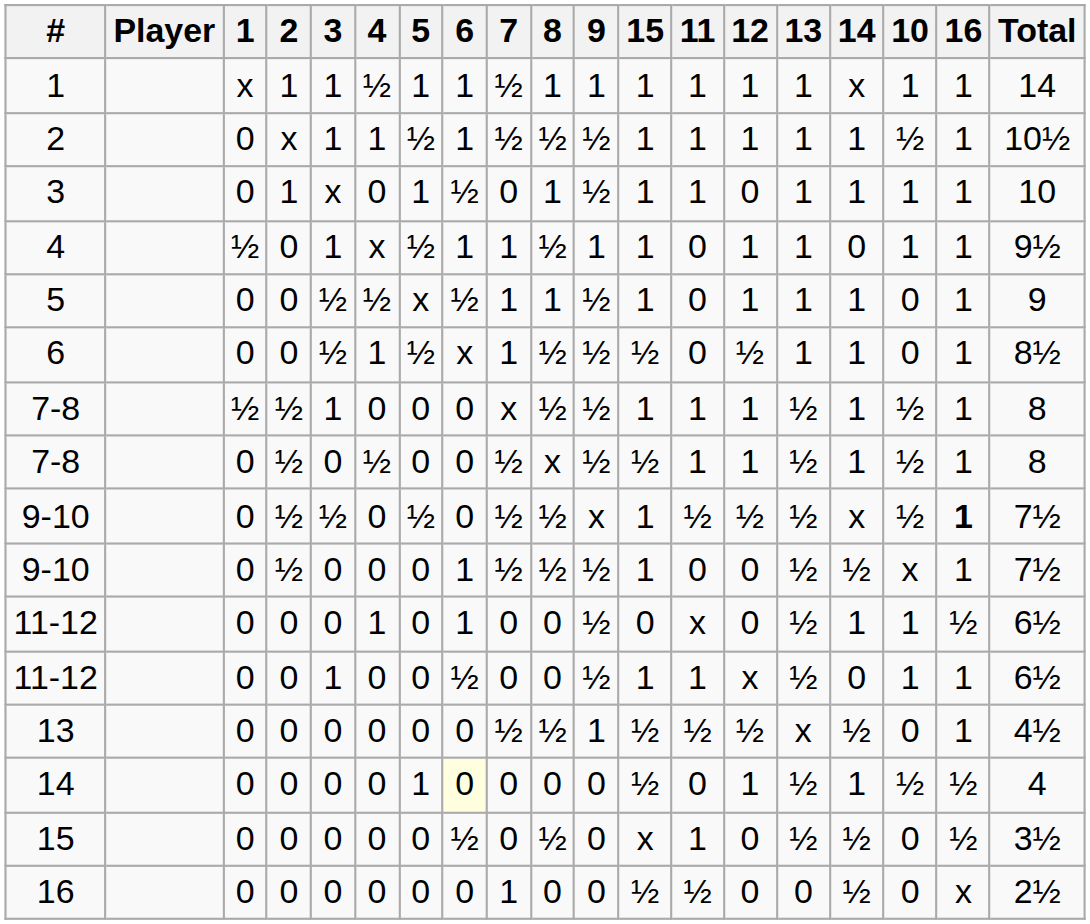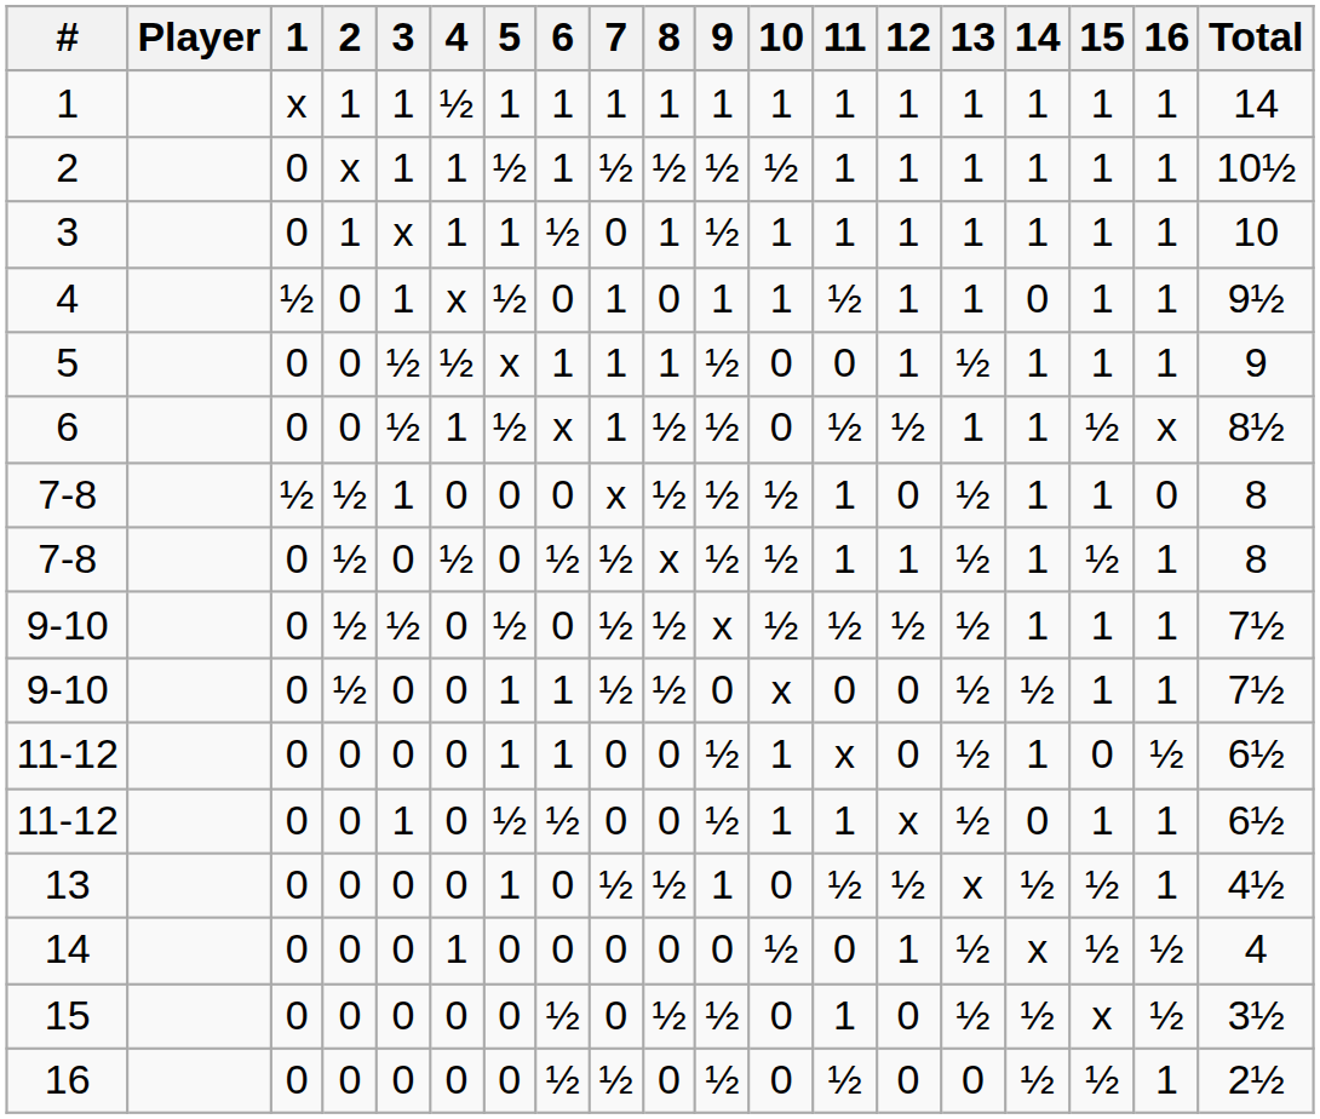 <table class="wikitable" style="text-align: center; margin: auto auto">
 <tr>
 <th>#</th>
 <th>Player</th>
 <th>1</th>
 <th>2</th>
 <th>3</th>
 <th>4</th>
 <th>5</th>
 <th>6</th>
 <th>7</th>
 <th>8</th>
 <th>9</th>
-<th>15</th>
+<th>10</th>
 <th>11</th>
 <th>12</th>
 <th>13</th>
 <th>14</th>
-<th>10</th>
+<th>15</th>
 <th>16</th>
 <th>Total</th>
 </tr>
 <tr>
 <td>1</td>
 <td align=left></td>
 <td>x</td>
 <td>1</td>
 <td>1</td>
 <td>½</td>
 <td>1</td>
 <td>1</td>
-<td>½</td>
 <td>1</td>
 <td>1</td>
 <td>1</td>
 <td>1</td>
 <td>1</td>
 <td>1</td>
-<td>x</td>
+<td>1</td>
+<td>1</td>
 <td>1</td>
 <td>1</td>
 <td>14</td>
 </tr>
 <tr>
 <td>2</td>
 <td align=left></td>
 <td>0</td>
 <td>x</td>
 <td>1</td>
 <td>1</td>
 <td>½</td>
 <td>1</td>
 <td>½</td>
 <td>½</td>
 <td>½</td>
+<td>½</td>
 <td>1</td>
 <td>1</td>
 <td>1</td>
 <td>1</td>
 <td>1</td>
-<td>½</td>
 <td>1</td>
 <td>10½</td>
 </tr>
 <tr>
 <td>3</td>
 <td align=left></td>
 <td>0</td>
 <td>1</td>
 <td>x</td>
-<td>0</td>
+<td>1</td>
 <td>1</td>
 <td>½</td>
 <td>0</td>
 <td>1</td>
 <td>½</td>
 <td>1</td>
 <td>1</td>
-<td>0</td>
+<td>1</td>
 <td>1</td>
 <td>1</td>
 <td>1</td>
 <td>1</td>
 <td>10</td>
 </tr>
 <tr>
 <td>4</td>
 <td align=left></td>
 <td>½</td>
 <td>0</td>
 <td>1</td>
 <td>x</td>
 <td>½</td>
+<td>0</td>
+<td>1</td>
+<td>0</td>
 <td>1</td>
 <td>1</td>
 <td>½</td>
-<td>1</td>
-<td>1</td>
-<td>0</td>
 <td>1</td>
 <td>1</td>
 <td>0</td>
 <td>1</td>
 <td>1</td>
 <td>9½</td>
 </tr>
 <tr>
 <td>5</td>
 <td align=left></td>
 <td>0</td>
 <td>0</td>
 <td>½</td>
 <td>½</td>
 <td>x</td>
+<td>1</td>
+<td>1</td>
+<td>1</td>
+<td>½</td>
+<td>0</td>
+<td>0</td>
+<td>1</td>
 <td>½</td>
 <td>1</td>
 <td>1</td>
-<td>½</td>
-<td>1</td>
-<td>0</td>
-<td>1</td>
-<td>1</td>
-<td>1</td>
-<td>0</td>
 <td>1</td>
 <td>9</td>
 </tr>
 <tr>
 <td>6</td>
 <td align=left></td>
 <td>0</td>
 <td>0</td>
 <td>½</td>
 <td>1</td>
 <td>½</td>
 <td>x</td>
 <td>1</td>
 <td>½</td>
 <td>½</td>
+<td>0</td>
 <td>½</td>
-<td>0</td>
 <td>½</td>
 <td>1</td>
 <td>1</td>
-<td>0</td>
-<td>1</td>
+<td>½</td>
+<td>x</td>
 <td>8½</td>
 </tr>
 <tr>
 <td>7-8</td>
 <td align=left></td>
 <td>½</td>
 <td>½</td>
 <td>1</td>
 <td>0</td>
 <td>0</td>
 <td>0</td>
 <td>x</td>
 <td>½</td>
 <td>½</td>
+<td>½</td>
+<td>1</td>
+<td>0</td>
+<td>½</td>
 <td>1</td>
 <td>1</td>
-<td>1</td>
-<td>½</td>
-<td>1</td>
-<td>½</td>
-<td>1</td>
+<td>0</td>
 <td>8</td>
 </tr>
 <tr>
 <td>7-8</td>
 <td align=left></td>
 <td>0</td>
 <td>½</td>
 <td>0</td>
 <td>½</td>
 <td>0</td>
-<td>0</td>
+<td>½</td>
 <td>½</td>
 <td>x</td>
 <td>½</td>
 <td>½</td>
 <td>1</td>
 <td>1</td>
 <td>½</td>
 <td>1</td>
 <td>½</td>
 <td>1</td>
 <td>8</td>
 </tr>
 <tr>
 <td>9-10</td>
 <td align=left></td>
 <td>0</td>
 <td>½</td>
 <td>½</td>
 <td>0</td>
 <td>½</td>
 <td>0</td>
 <td>½</td>
 <td>½</td>
 <td>x</td>
-<td>1</td>
 <td>½</td>
 <td>½</td>
 <td>½</td>
-<td>x</td>
 <td>½</td>
-<td><strong>1</strong></td>
+<td>1</td>
+<td>1</td>
+<td>1</td>
 <td>7½</td>
 </tr>
 <tr>
 <td>9-10</td>
 <td align=left></td>
 <td>0</td>
 <td>½</td>
 <td>0</td>
 <td>0</td>
-<td>0</td>
+<td>1</td>
 <td>1</td>
 <td>½</td>
 <td>½</td>
-<td>½</td>
-<td>1</td>
+<td>0</td>
+<td>x</td>
 <td>0</td>
 <td>0</td>
 <td>½</td>
 <td>½</td>
-<td>x</td>
+<td>1</td>
 <td>1</td>
 <td>7½</td>
 </tr>
 <tr>
 <td>11-12</td>
 <td align=left></td>
 <td>0</td>
 <td>0</td>
 <td>0</td>
+<td>0</td>
 <td>1</td>
-<td>0</td>
 <td>1</td>
 <td>0</td>
 <td>0</td>
 <td>½</td>
-<td>0</td>
+<td>1</td>
 <td>x</td>
 <td>0</td>
 <td>½</td>
 <td>1</td>
-<td>1</td>
+<td>0</td>
 <td>½</td>
 <td>6½</td>
 </tr>
 <tr>
 <td>11-12</td>
 <td align=left></td>
 <td>0</td>
 <td>0</td>
 <td>1</td>
 <td>0</td>
-<td>0</td>
+<td>½</td>
 <td>½</td>
 <td>0</td>
 <td>0</td>
 <td>½</td>
 <td>1</td>
 <td>1</td>
 <td>x</td>
 <td>½</td>
 <td>0</td>
 <td>1</td>
 <td>1</td>
 <td>6½</td>
 </tr>
 <tr>
 <td>13</td>
 <td align=left></td>
 <td>0</td>
 <td>0</td>
 <td>0</td>
 <td>0</td>
-<td>0</td>
+<td>1</td>
 <td>0</td>
 <td>½</td>
 <td>½</td>
 <td>1</td>
-<td>½</td>
+<td>0</td>
 <td>½</td>
 <td>½</td>
 <td>x</td>
 <td>½</td>
-<td>0</td>
+<td>½</td>
 <td>1</td>
 <td>4½</td>
 </tr>
 <tr>
 <td>14</td>
 <td align=left></td>
 <td>0</td>
 <td>0</td>
 <td>0</td>
+<td>1</td>
 <td>0</td>
-<td>1</td>
-<td style="background: lightyellow;">0</td>
+<td>0</td>
 <td>0</td>
 <td>0</td>
 <td>0</td>
 <td>½</td>
 <td>0</td>
 <td>1</td>
 <td>½</td>
-<td>1</td>
+<td>x</td>
 <td>½</td>
 <td>½</td>
 <td>4</td>
 </tr>
 <tr>
 <td>15</td>
 <td align=left></td>
 <td>0</td>
 <td>0</td>
 <td>0</td>
 <td>0</td>
 <td>0</td>
 <td>½</td>
 <td>0</td>
 <td>½</td>
+<td>½</td>
 <td>0</td>
-<td>x</td>
 <td>1</td>
 <td>0</td>
 <td>½</td>
 <td>½</td>
-<td>0</td>
+<td>x</td>
 <td>½</td>
 <td>3½</td>
 </tr>
 <tr>
 <td>16</td>
 <td align=left></td>
 <td>0</td>
 <td>0</td>
 <td>0</td>
 <td>0</td>
 <td>0</td>
+<td>½</td>
+<td>½</td>
 <td>0</td>
-<td>1</td>
+<td>½</td>
+<td>0</td>
+<td>½</td>
 <td>0</td>
 <td>0</td>
 <td>½</td>
 <td>½</td>
-<td>0</td>
-<td>0</td>
-<td>½</td>
-<td>0</td>
-<td>x</td>
+<td>1</td>
 <td>2½</td>
 </tr>
 </table>
